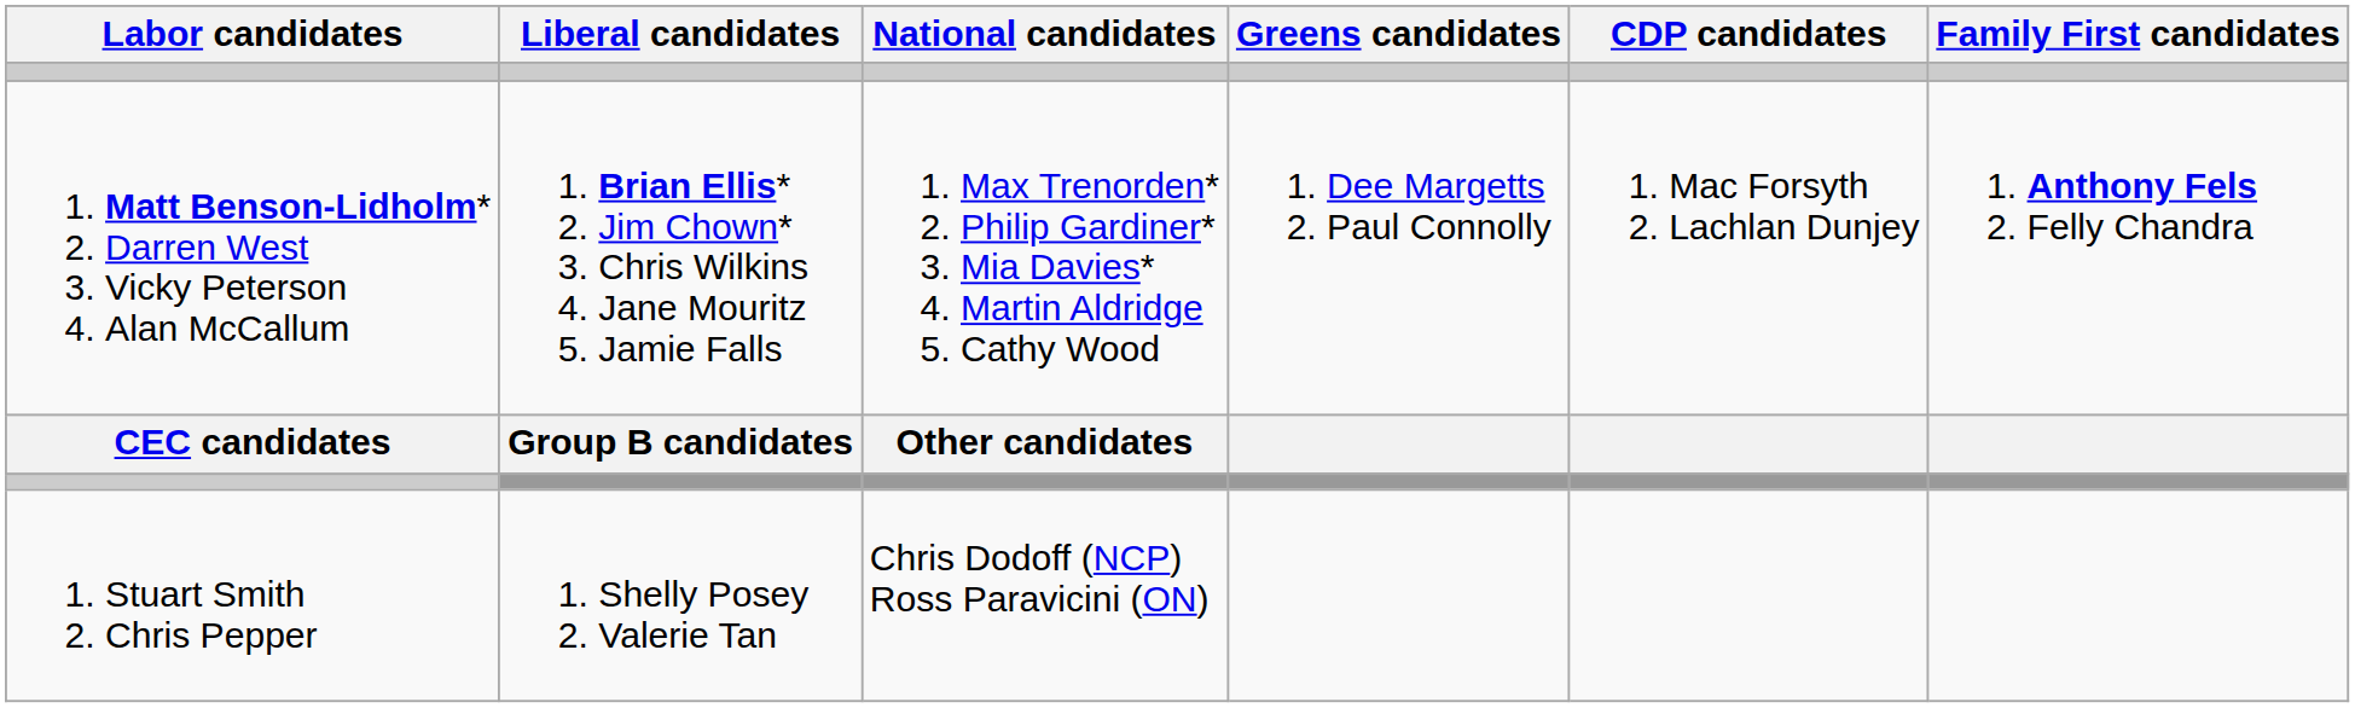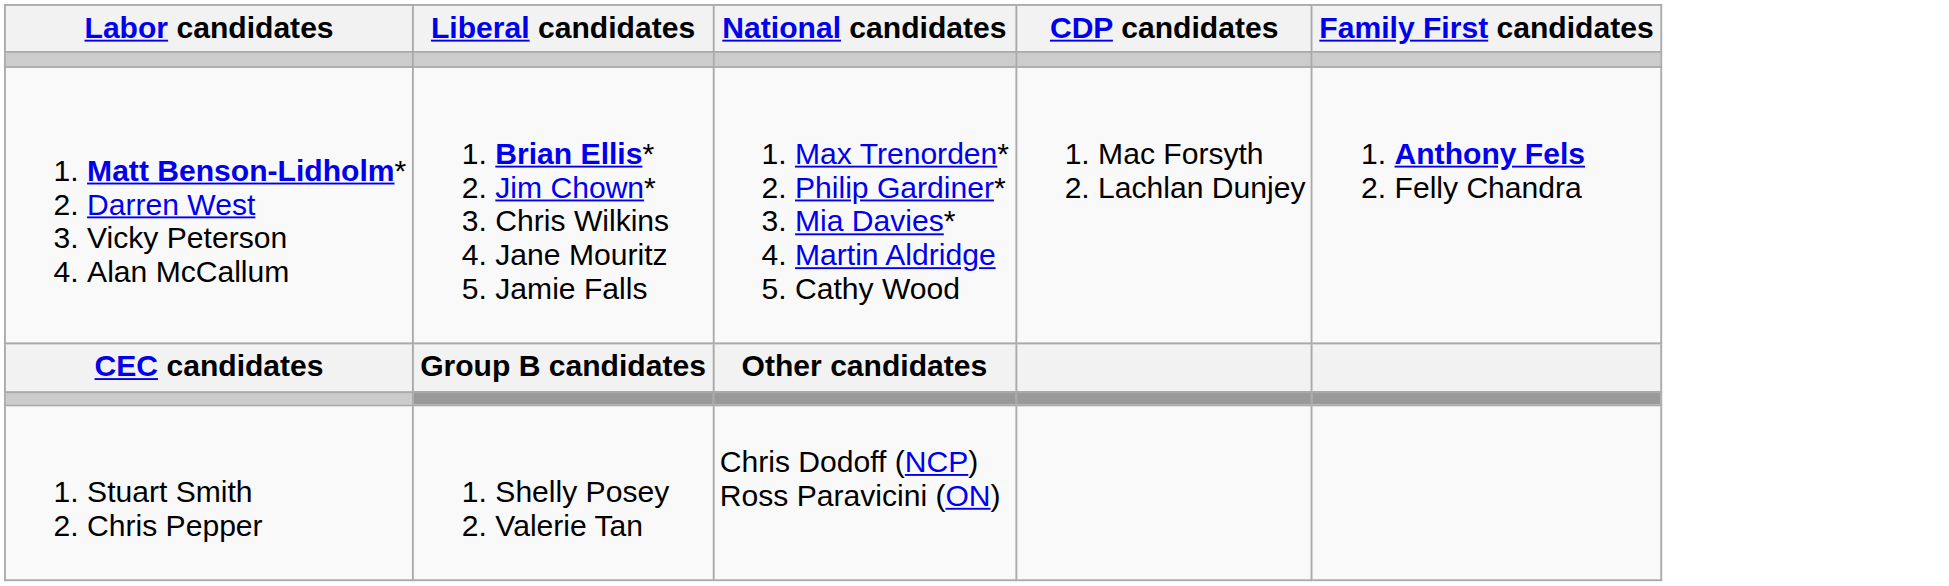 <table class="wikitable">
 <tr>
 <th><a href='#'>Labor</a> candidates</th>
 <th><a href='#'>Liberal</a> candidates</th>
 <th><a href='#'>National</a> candidates</th>
-<th><a href='#'>Greens</a> candidates</th>
 <th><a href='#'>CDP</a> candidates</th>
 <th><a href='#'>Family First</a> candidates</th>
 </tr>
 <tr bgcolor="#cccccc">
-<td></td>
 <td></td>
 <td></td>
 <td></td>
 <td></td>
 <td></td>
 </tr>
 <tr>
 <td><br><ol><li><strong><a href='#'>Matt Benson-Lidholm</a></strong>*</li><li><a href='#'>Darren West</a></li><li>Vicky Peterson</li><li>Alan McCallum</li></ol></td>
 <td><br><ol><li><strong><a href='#'>Brian Ellis</a></strong>*</li><li><a href='#'>Jim Chown</a>*</li><li>Chris Wilkins</li><li>Jane Mouritz</li><li>Jamie Falls</li></ol></td>
 <td><br><ol><li><a href='#'>Max Trenorden</a>*</li><li><a href='#'>Philip Gardiner</a>*</li><li><a href='#'>Mia Davies</a>*</li><li><a href='#'>Martin Aldridge</a></li><li>Cathy Wood</li></ol></td>
-<td valign=top><br><ol><li><a href='#'>Dee Margetts</a></li><li>Paul Connolly</li></ol></td>
 <td valign=top><br><ol><li>Mac Forsyth</li><li>Lachlan Dunjey</li></ol></td>
 <td valign=top><br><ol><li><strong><a href='#'>Anthony Fels</a></strong></li><li>Felly Chandra</li></ol></td>
 </tr>
 <tr bgcolor="#cccccc">
 <th><a href='#'>CEC</a> candidates</th>
 <th>Group B candidates</th>
 <th>Other candidates</th>
 <th></th>
 <th></th>
-<th></th>
 </tr>
 <tr bgcolor="#cccccc">
 <td></td>
-<td bgcolor="#999999"></td>
 <td bgcolor="#999999"></td>
 <td bgcolor="#999999"></td>
 <td bgcolor="#999999"></td>
 <td bgcolor="#999999"></td>
 </tr>
 <tr>
 <td valign=top><br><ol><li>Stuart Smith</li><li>Chris Pepper</li></ol></td>
 <td valign=top><br><ol><li>Shelly Posey</li><li>Valerie Tan</li></ol></td>
 <td valign=top><br>Chris Dodoff (<a href='#'>NCP</a>) <br> Ross Paravicini (<a href='#'>ON</a>)</td>
 <td valign=top></td>
 <td valign=top></td>
-<td valign=top></td>
 </tr>
 </table>
